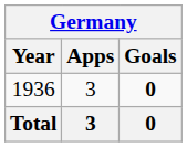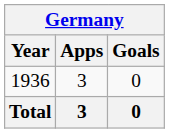 <table class="wikitable" style="text-align:center">
 <tr>
 <th colspan=3><a href='#'>Germany</a></th>
 </tr>
 <tr>
 <th>Year</th>
 <th>Apps</th>
 <th>Goals</th>
 </tr>
 <tr>
 <td>1936</td>
 <td>3</td>
-<td><strong>0</strong></td>
+<td>0</td>
 </tr>
 <tr>
 <th>Total</th>
 <th>3</th>
 <th>0</th>
 </tr>
 </table>
